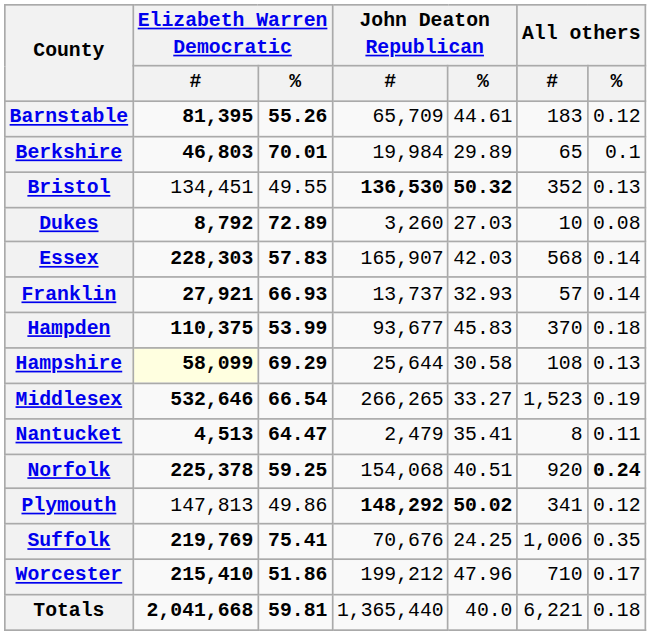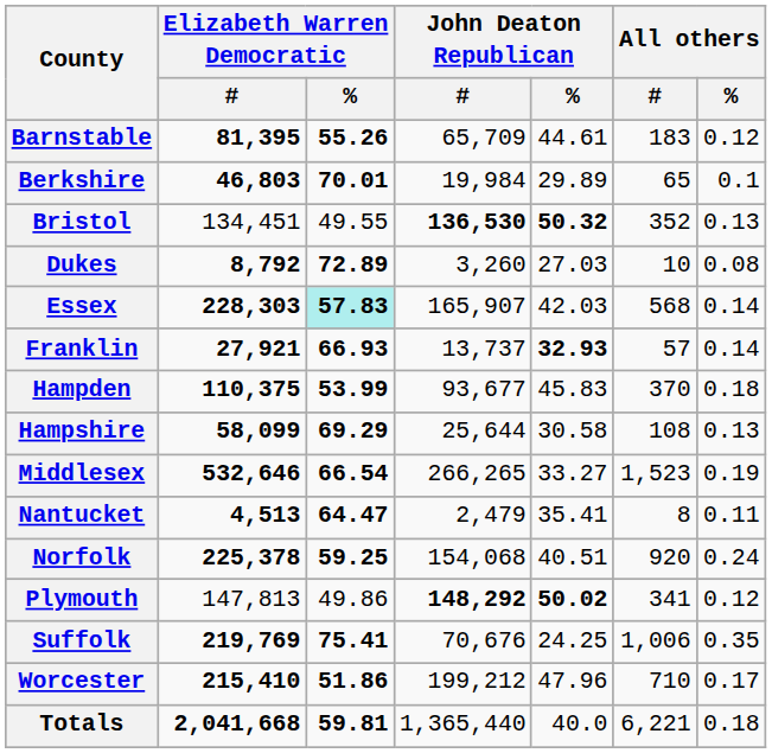 <table class="wikitable sortable" style="text-align:right;font-size:90%;line-height:1.3">
 <tr>
 <th rowspan="2">County</th>
 <th colspan="2"><a href='#'>Elizabeth Warren</a><br><a href='#'>Democratic</a></th>
 <th colspan="2">John Deaton<br><a href='#'>Republican</a></th>
 <th colspan="2">All others</th>
 </tr>
 <tr>
 <th data-sort-type="number">#</th>
 <th data-sort-type="number">%</th>
 <th data-sort-type="number">#</th>
 <th data-sort-type="number">%</th>
 <th data-sort-type="number">#</th>
 <th data-sort-type="number">%</th>
 </tr>
 <tr>
 <th><a href='#'>Barnstable</a></th>
 <td><strong>81,395</strong></td>
 <td><strong>55.26</strong></td>
 <td>65,709</td>
 <td>44.61</td>
 <td>183</td>
 <td>0.12</td>
 </tr>
 <tr>
 <th><a href='#'>Berkshire</a></th>
 <td><strong>46,803</strong></td>
 <td><strong>70.01</strong></td>
 <td>19,984</td>
 <td>29.89</td>
 <td>65</td>
 <td>0.1</td>
 </tr>
 <tr>
 <th><a href='#'>Bristol</a></th>
 <td>134,451</td>
 <td>49.55</td>
 <td><strong>136,530</strong></td>
 <td><strong>50.32</strong></td>
 <td>352</td>
 <td>0.13</td>
 </tr>
 <tr>
 <th><a href='#'>Dukes</a></th>
 <td><strong>8,792</strong></td>
 <td><strong>72.89</strong></td>
 <td>3,260</td>
 <td>27.03</td>
 <td>10</td>
 <td>0.08</td>
 </tr>
 <tr>
 <th><a href='#'>Essex</a></th>
 <td><strong>228,303</strong></td>
-<td><strong>57.83</strong></td>
+<td style="background: paleturquoise;"><strong>57.83</strong></td>
 <td>165,907</td>
 <td>42.03</td>
 <td>568</td>
 <td>0.14</td>
 </tr>
 <tr>
 <th><a href='#'>Franklin</a></th>
 <td><strong>27,921</strong></td>
 <td><strong>66.93</strong></td>
 <td>13,737</td>
-<td>32.93</td>
+<td><strong>32.93</strong></td>
 <td>57</td>
 <td>0.14</td>
 </tr>
 <tr>
 <th><a href='#'>Hampden</a></th>
 <td><strong>110,375</strong></td>
 <td><strong>53.99</strong></td>
 <td>93,677</td>
 <td>45.83</td>
 <td>370</td>
 <td>0.18</td>
 </tr>
 <tr>
 <th><a href='#'>Hampshire</a></th>
-<td style="background: lightyellow;"><strong>58,099</strong></td>
+<td><strong>58,099</strong></td>
 <td><strong>69.29</strong></td>
 <td>25,644</td>
 <td>30.58</td>
 <td>108</td>
 <td>0.13</td>
 </tr>
 <tr>
 <th><a href='#'>Middlesex</a></th>
 <td><strong>532,646</strong></td>
 <td><strong>66.54</strong></td>
 <td>266,265</td>
 <td>33.27</td>
 <td>1,523</td>
 <td>0.19</td>
 </tr>
 <tr>
 <th><a href='#'>Nantucket</a></th>
 <td><strong>4,513</strong></td>
 <td><strong>64.47</strong></td>
 <td>2,479</td>
 <td>35.41</td>
 <td>8</td>
 <td>0.11</td>
 </tr>
 <tr>
 <th><a href='#'>Norfolk</a></th>
 <td><strong>225,378</strong></td>
 <td><strong>59.25</strong></td>
 <td>154,068</td>
 <td>40.51</td>
 <td>920</td>
-<td><strong>0.24</strong></td>
+<td>0.24</td>
 </tr>
 <tr>
 <th><a href='#'>Plymouth</a></th>
 <td>147,813</td>
 <td>49.86</td>
 <td><strong>148,292</strong></td>
 <td><strong>50.02</strong></td>
 <td>341</td>
 <td>0.12</td>
 </tr>
 <tr>
 <th><a href='#'>Suffolk</a></th>
 <td><strong>219,769</strong></td>
 <td><strong>75.41</strong></td>
 <td>70,676</td>
 <td>24.25</td>
 <td>1,006</td>
 <td>0.35</td>
 </tr>
 <tr>
 <th><a href='#'>Worcester</a></th>
 <td><strong>215,410</strong></td>
 <td><strong>51.86</strong></td>
 <td>199,212</td>
 <td>47.96</td>
 <td>710</td>
 <td>0.17</td>
 </tr>
 <tr class=sortbottom>
 <th>Totals</th>
 <td><strong>2,041,668</strong></td>
 <td><strong>59.81</strong></td>
 <td>1,365,440</td>
 <td>40.0</td>
 <td>6,221</td>
 <td>0.18</td>
 </tr>
 </table>
